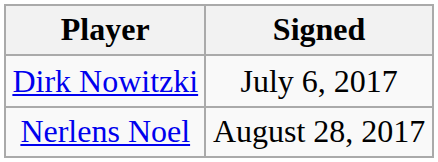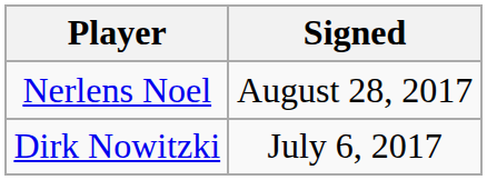 <table class="wikitable sortable sortable">
 <tr>
 <th>Player</th>
 <th>Signed</th>
 </tr>
 <tr style="text-align: center">
+<td><a href='#'>Nerlens Noel</a></td>
+<td>August 28, 2017</td>
+</tr>
+<tr style="text-align: center">
 <td><a href='#'>Dirk Nowitzki</a></td>
 <td>July 6, 2017</td>
 </tr>
-<tr style="text-align: center">
-<td><a href='#'>Nerlens Noel</a></td>
-<td>August 28, 2017</td>
-</tr>
 </table>
